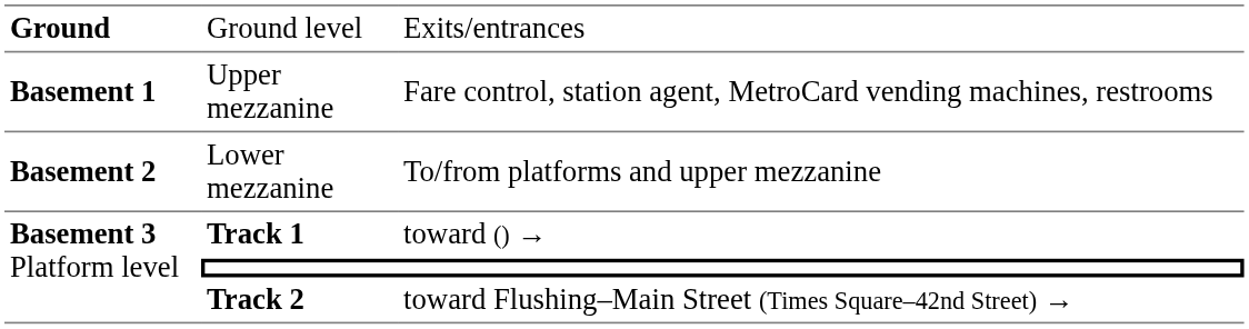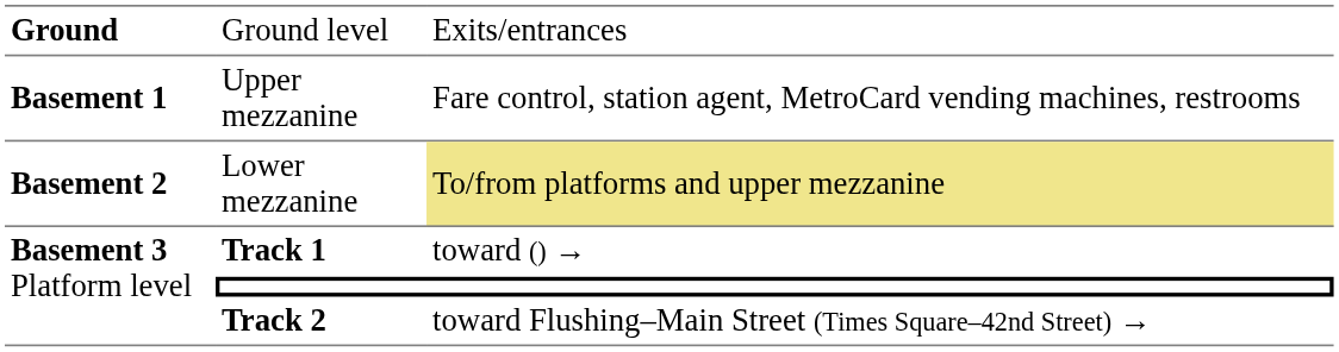 <table border=0 cellspacing=0 cellpadding=3>
 <tr>
 <td style="border-top:solid 1px gray;border-bottom:solid 1px gray;" width=100><strong>Ground</strong></td>
 <td style="border-top:solid 1px gray;border-bottom:solid 1px gray;" width=100>Ground level</td>
 <td style="border-top:solid 1px gray;border-bottom:solid 1px gray;" width=450>Exits/entrances</td>
 </tr>
 <tr>
 <td style="border-bottom:solid 1px gray;"><strong>Basement 1</strong></td>
 <td style="border-bottom:solid 1px gray;">Upper mezzanine</td>
 <td style="border-bottom:solid 1px gray;">Fare control, station agent, MetroCard vending machines, restrooms<br></td>
 </tr>
 <tr>
 <td style="border-bottom:solid 1px gray;"><strong>Basement 2</strong></td>
 <td style="border-bottom:solid 1px gray;">Lower mezzanine</td>
-<td style="border-bottom:solid 1px gray;">To/from platforms and upper mezzanine</td>
+<td style="background: khaki; border-bottom:solid 1px gray;">To/from platforms and upper mezzanine</td>
 </tr>
 <tr>
 <td style="border-bottom:solid 1px gray;" rowspan=3 valign=top><strong>Basement 3</strong><br>Platform level</td>
 <td style="border-bottom:solid 1px white;"><span><strong>Track 1</strong></span></td>
 <td style="border-bottom:solid 1px white;"> toward  <small>()</small> →</td>
 </tr>
 <tr>
 <td style="border-top:solid 2px black;border-right:solid 2px black;border-left:solid 2px black;border-bottom:solid 2px black;text-align:center;" colspan=2></td>
 </tr>
 <tr>
 <td style="border-bottom:solid 1px gray;"><span><strong>Track 2</strong></span></td>
 <td style="border-bottom:solid 1px gray;"> toward Flushing–Main Street <small>(Times Square–42nd Street)</small> →</td>
 </tr>
 </table>
